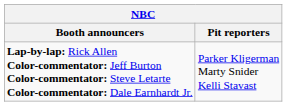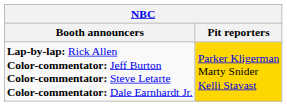 <table class="wikitable" style="font-size: 95%">
 <tr>
 <th colspan="2"><a href='#'>NBC</a></th>
 </tr>
 <tr>
 <th>Booth announcers</th>
 <th>Pit reporters</th>
 </tr>
 <tr>
 <td><strong>Lap-by-lap:</strong> <a href='#'>Rick Allen</a><br><strong>Color-commentator:</strong> <a href='#'>Jeff Burton</a><br><strong>Color-commentator:</strong> <a href='#'>Steve Letarte</a><br><strong>Color-commentator:</strong> <a href='#'>Dale Earnhardt Jr.</a></td>
-<td><a href='#'>Parker Kligerman</a><br>Marty Snider<br><a href='#'>Kelli Stavast</a></td>
+<td style="background: gold;"><a href='#'>Parker Kligerman</a><br>Marty Snider<br><a href='#'>Kelli Stavast</a></td>
 </tr>
 </table>
